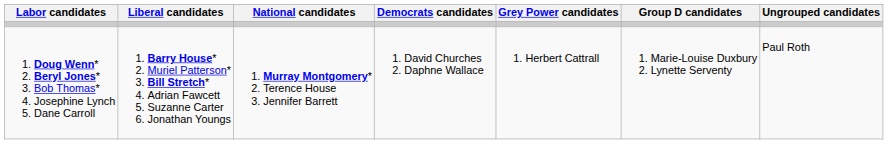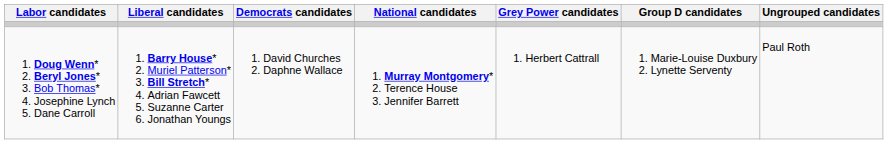 <table class="wikitable">
 <tr>
 <th><a href='#'>Labor</a> candidates</th>
 <th><a href='#'>Liberal</a> candidates</th>
+<th><a href='#'>Democrats</a> candidates</th>
 <th><a href='#'>National</a> candidates</th>
-<th><a href='#'>Democrats</a> candidates</th>
 <th><a href='#'>Grey Power</a> candidates</th>
 <th>Group D candidates</th>
 <th>Ungrouped candidates</th>
 </tr>
 <tr bgcolor="#cccccc">
 <td></td>
 <td></td>
 <td></td>
 <td></td>
 <td></td>
 <td></td>
 <td></td>
 </tr>
 <tr>
 <td><br><ol><li><strong><a href='#'>Doug Wenn</a></strong>*</li><li><strong><a href='#'>Beryl Jones</a></strong>*</li><li><a href='#'>Bob Thomas</a>*</li><li>Josephine Lynch</li><li>Dane Carroll</li></ol></td>
 <td><br><ol><li><strong><a href='#'>Barry House</a></strong>*</li><li><a href='#'>Muriel Patterson</a>*</li><li><strong><a href='#'>Bill Stretch</a></strong>*</li><li>Adrian Fawcett</li><li>Suzanne Carter</li><li>Jonathan Youngs</li></ol></td>
+<td valign=top><br><ol><li>David Churches</li><li>Daphne Wallace</li></ol></td>
 <td><br><ol><li><strong><a href='#'>Murray Montgomery</a></strong>*</li><li>Terence House</li><li>Jennifer Barrett</li></ol></td>
-<td valign=top><br><ol><li>David Churches</li><li>Daphne Wallace</li></ol></td>
 <td valign=top><br><ol><li>Herbert Cattrall</li></ol></td>
 <td valign=top><br><ol><li>Marie-Louise Duxbury</li><li>Lynette Serventy</li></ol></td>
 <td valign=top><br>Paul Roth</td>
 </tr>
 </table>
